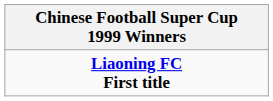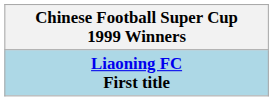 <table class="wikitable" style="text-align: center; margin: 0 auto; width: 20%">
 <tr>
 <th>Chinese Football Super Cup <br>1999 Winners</th>
 </tr>
 <tr>
-<td><strong><a href='#'>Liaoning FC</a></strong><br><strong>First title</strong></td>
+<td style="background: lightblue;"><strong><a href='#'>Liaoning FC</a></strong><br><strong>First title</strong></td>
 </tr>
 </table>
